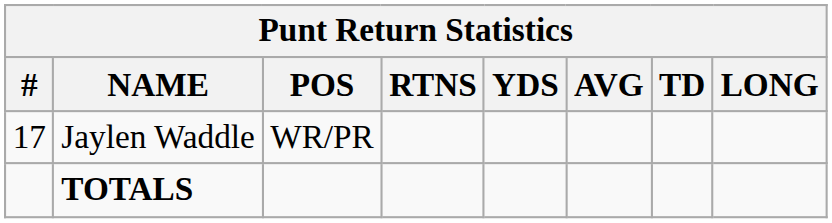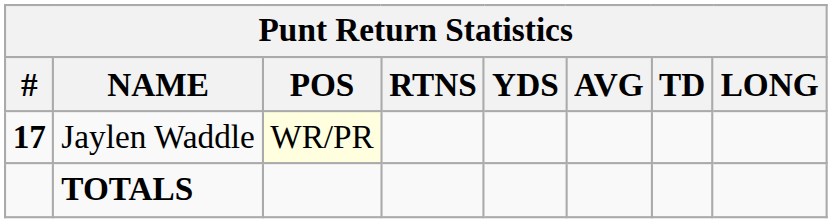 <table class="wikitable sortable collapsible collapsed">
 <tr>
 <th colspan="8">Punt Return Statistics</th>
 </tr>
 <tr>
 <th>#</th>
 <th>NAME</th>
 <th>POS</th>
 <th>RTNS</th>
 <th>YDS</th>
 <th>AVG</th>
 <th>TD</th>
 <th>LONG</th>
 </tr>
 <tr>
-<td>17</td>
+<td><strong>17</strong></td>
 <td>Jaylen Waddle</td>
-<td>WR/PR</td>
+<td style="background: lightyellow;">WR/PR</td>
 <td></td>
 <td></td>
 <td></td>
 <td></td>
 <td></td>
 </tr>
 <tr>
 <td></td>
 <td><strong>TOTALS</strong></td>
 <td></td>
 <td></td>
 <td></td>
 <td></td>
 <td></td>
 <td></td>
 </tr>
 </table>
